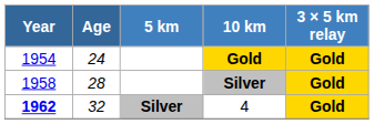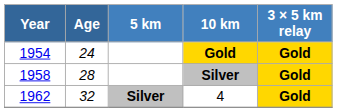 <table class="wikitable" style="font-size:95%; text-align:center; border:grey solid 1px; border-collapse:collapse; background:#ffffff;">
 <tr>
 <th style="background-color:#369; color:white; width:60px;"> Year </th>
 <th style="background-color:#369; color:white; width:40px;"> Age </th>
 <th style="background-color:#4180be; color:white; width:75px;"> 5 km </th>
 <th style="background-color:#4180be; color:white; width:75px;"> 10 km </th>
 <th style="background-color:#4180be; color:white; width:75px;"> 3 × 5 km <br> relay </th>
 </tr>
 <tr>
 <td><a href='#'>1954</a></td>
 <td><em>24</em></td>
 <td></td>
 <td style="background:gold;"><strong>Gold</strong></td>
 <td style="background:gold;"><strong>Gold</strong></td>
 </tr>
 <tr>
 <td><a href='#'>1958</a></td>
 <td><em>28</em></td>
 <td></td>
 <td style="background:silver;"><strong>Silver</strong></td>
 <td style="background:gold;"><strong>Gold</strong></td>
 </tr>
 <tr>
-<td><strong><a href='#'>1962</a></strong></td>
+<td><a href='#'>1962</a></td>
 <td><em>32</em></td>
 <td style="background:silver;"><strong>Silver</strong></td>
 <td>4</td>
 <td style="background:gold;"><strong>Gold</strong></td>
 </tr>
 <tr>
 </tr>
 </table>
